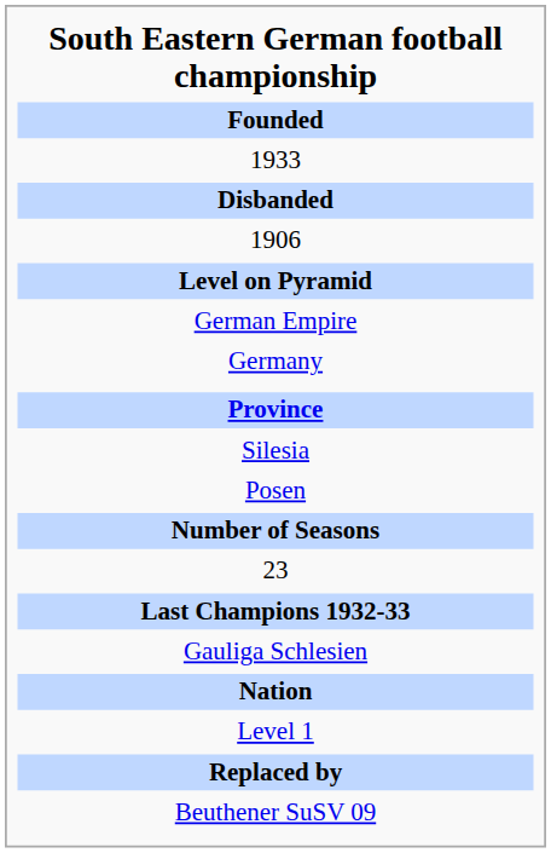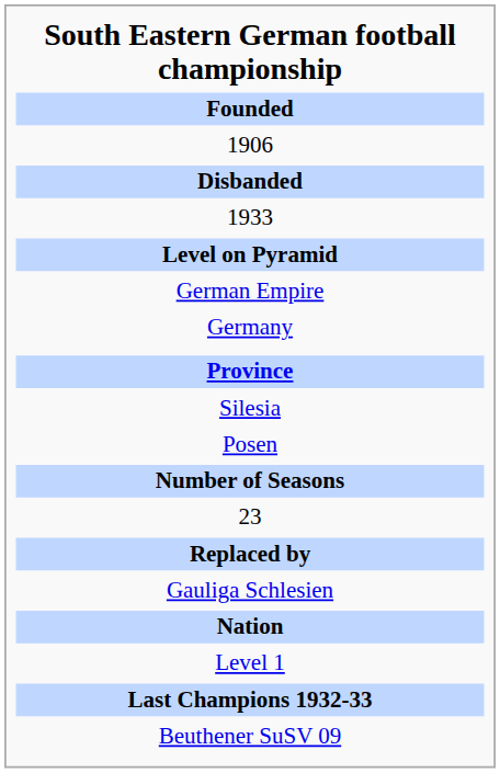 <table class="infobox football" style="width: 16em; text-align: center;">
 <tr>
 <th style="font-size: 16px;">South Eastern German football championship</th>
 </tr>
 <tr>
 <td style="font-size: 12px; background: #BFD7FF;"><strong>Founded</strong></td>
 </tr>
 <tr>
-<td style="font-size: 12px;">1933</td>
+<td style="font-size: 12px;">1906</td>
 </tr>
 <tr>
 <td style="font-size: 12px; background: #BFD7FF;"><strong>Disbanded</strong></td>
 </tr>
 <tr>
-<td style="font-size: 12px;">1906</td>
+<td style="font-size: 12px;">1933</td>
 </tr>
 <tr>
 <td style="font-size: 12px; background: #BFD7FF;"><strong>Level on Pyramid</strong></td>
 </tr>
 <tr>
 <td style="font-size: 12px;"> <a href='#'>German Empire</a></td>
 </tr>
 <tr>
 <td style="font-size: 12px;"> <a href='#'>Germany</a></td>
 </tr>
 <tr>
 <td style="font-size: 11px; line-height: 15px;"></td>
 </tr>
 <tr>
 <td style="font-size: 12px; background: #BFD7FF;"><strong><a href='#'>Province</a></strong></td>
 </tr>
 <tr>
 <td style="font-size: 12px;"><a href='#'>Silesia</a></td>
 </tr>
 <tr>
 <td style="font-size: 12px;"><a href='#'>Posen</a></td>
 </tr>
 <tr>
 <td style="font-size: 12px; background: #BFD7FF;"><strong>Number of Seasons</strong></td>
 </tr>
 <tr>
 <td style="font-size: 12px;">23</td>
 </tr>
 <tr>
-<td style="font-size: 12px; background: #BFD7FF;"><strong>Last Champions 1932-33</strong></td>
+<td style="font-size: 12px; background: #BFD7FF;"><strong>Replaced by</strong></td>
 </tr>
 <tr>
 <td style="font-size: 12px;"><a href='#'>Gauliga Schlesien</a></td>
 </tr>
 <tr>
 <td style="font-size: 12px; background: #BFD7FF;"><strong>Nation</strong></td>
 </tr>
 <tr>
 <td style="font-size: 12px;"><a href='#'>Level 1</a></td>
 </tr>
 <tr>
-<td style="font-size: 12px; background: #BFD7FF;"><strong>Replaced by</strong></td>
+<td style="font-size: 12px; background: #BFD7FF;"><strong>Last Champions 1932-33</strong></td>
 </tr>
 <tr>
 <td style="font-size: 12px;"><a href='#'>Beuthener SuSV 09</a></td>
 </tr>
 <tr>
 </tr>
 </table>
